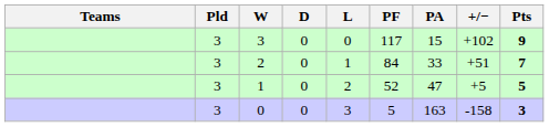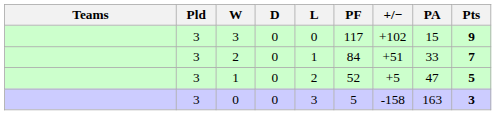 <table class="wikitable" style="text-align: center;">
 <tr>
 <th width="200">Teams</th>
 <th width="40">Pld</th>
 <th width="40">W</th>
 <th width="40">D</th>
 <th width="40">L</th>
 <th width="40">PF</th>
+<th width="40">+/−</th>
 <th width="40">PA</th>
-<th width="40">+/−</th>
 <th width="40">Pts</th>
 </tr>
 <tr bgcolor=ccffcc>
 <td align=left></td>
 <td>3</td>
 <td>3</td>
 <td>0</td>
 <td>0</td>
 <td>117</td>
+<td>+102</td>
 <td>15</td>
-<td>+102</td>
 <td><strong>9</strong></td>
 </tr>
 <tr bgcolor=ccffcc>
 <td align=left></td>
 <td>3</td>
 <td>2</td>
 <td>0</td>
 <td>1</td>
 <td>84</td>
+<td>+51</td>
 <td>33</td>
-<td>+51</td>
 <td><strong>7</strong></td>
 </tr>
 <tr bgcolor=ccffcc>
 <td align=left></td>
 <td>3</td>
 <td>1</td>
 <td>0</td>
 <td>2</td>
 <td>52</td>
+<td>+5</td>
 <td>47</td>
-<td>+5</td>
 <td><strong>5</strong></td>
 </tr>
 <tr bgcolor=ccccff>
 <td align=left></td>
 <td>3</td>
 <td>0</td>
 <td>0</td>
 <td>3</td>
 <td>5</td>
+<td>-158</td>
 <td>163</td>
-<td>-158</td>
 <td><strong>3</strong></td>
 </tr>
 </table>
